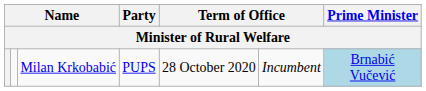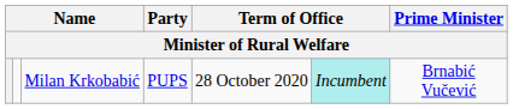 <table class="wikitable" style="text-align:center;">
 <tr>
 <th colspan=3>Name<br></th>
 <th>Party</th>
 <th colspan=2>Term of Office</th>
 <th><a href='#'>Prime Minister</a><br></th>
 </tr>
 <tr>
 <th colspan="7">Minister of Rural Welfare</th>
 </tr>
 <tr>
 <th style="background:"></th>
 <td></td>
 <td><a href='#'>Milan Krkobabić</a><br></td>
 <td><a href='#'>PUPS</a></td>
 <td>28 October 2020</td>
-<td><em>Incumbent</em></td>
-<td style="background: lightblue;"><a href='#'>Brnabić</a> <br><a href='#'>Vučević</a> </td>
+<td style="background: paleturquoise;"><em>Incumbent</em></td>
+<td><a href='#'>Brnabić</a> <br><a href='#'>Vučević</a> </td>
 </tr>
 </table>
